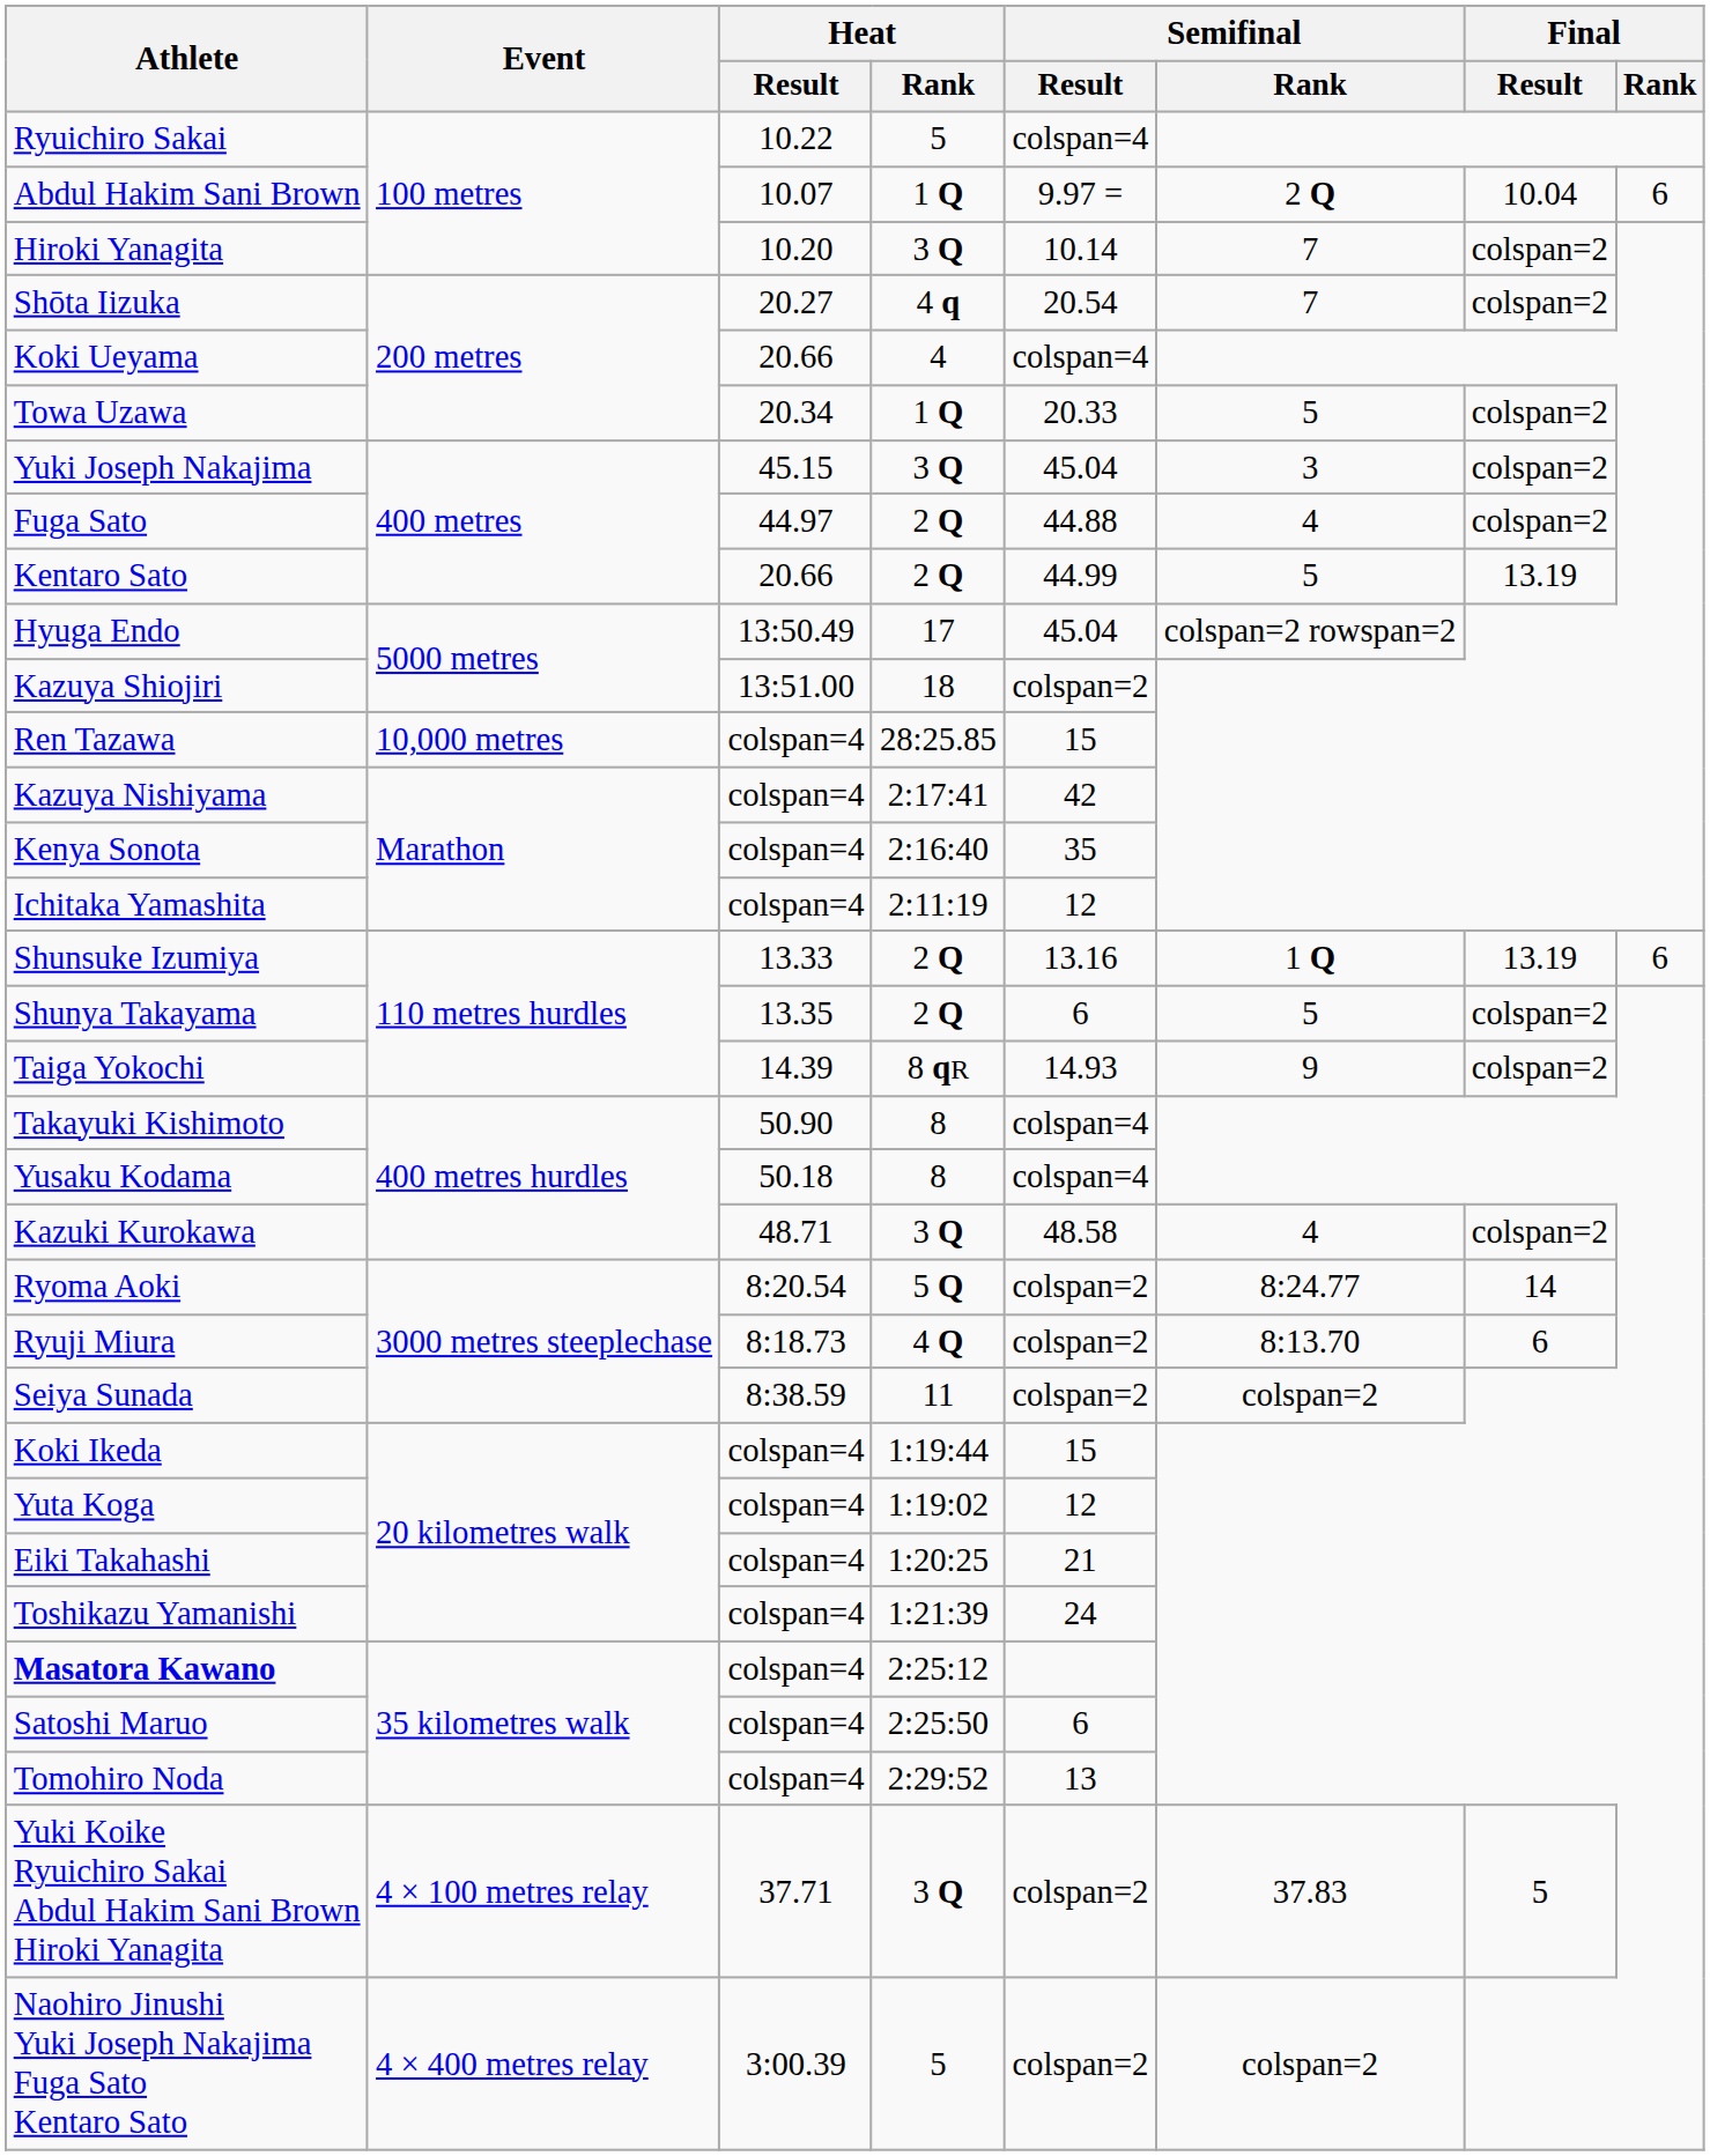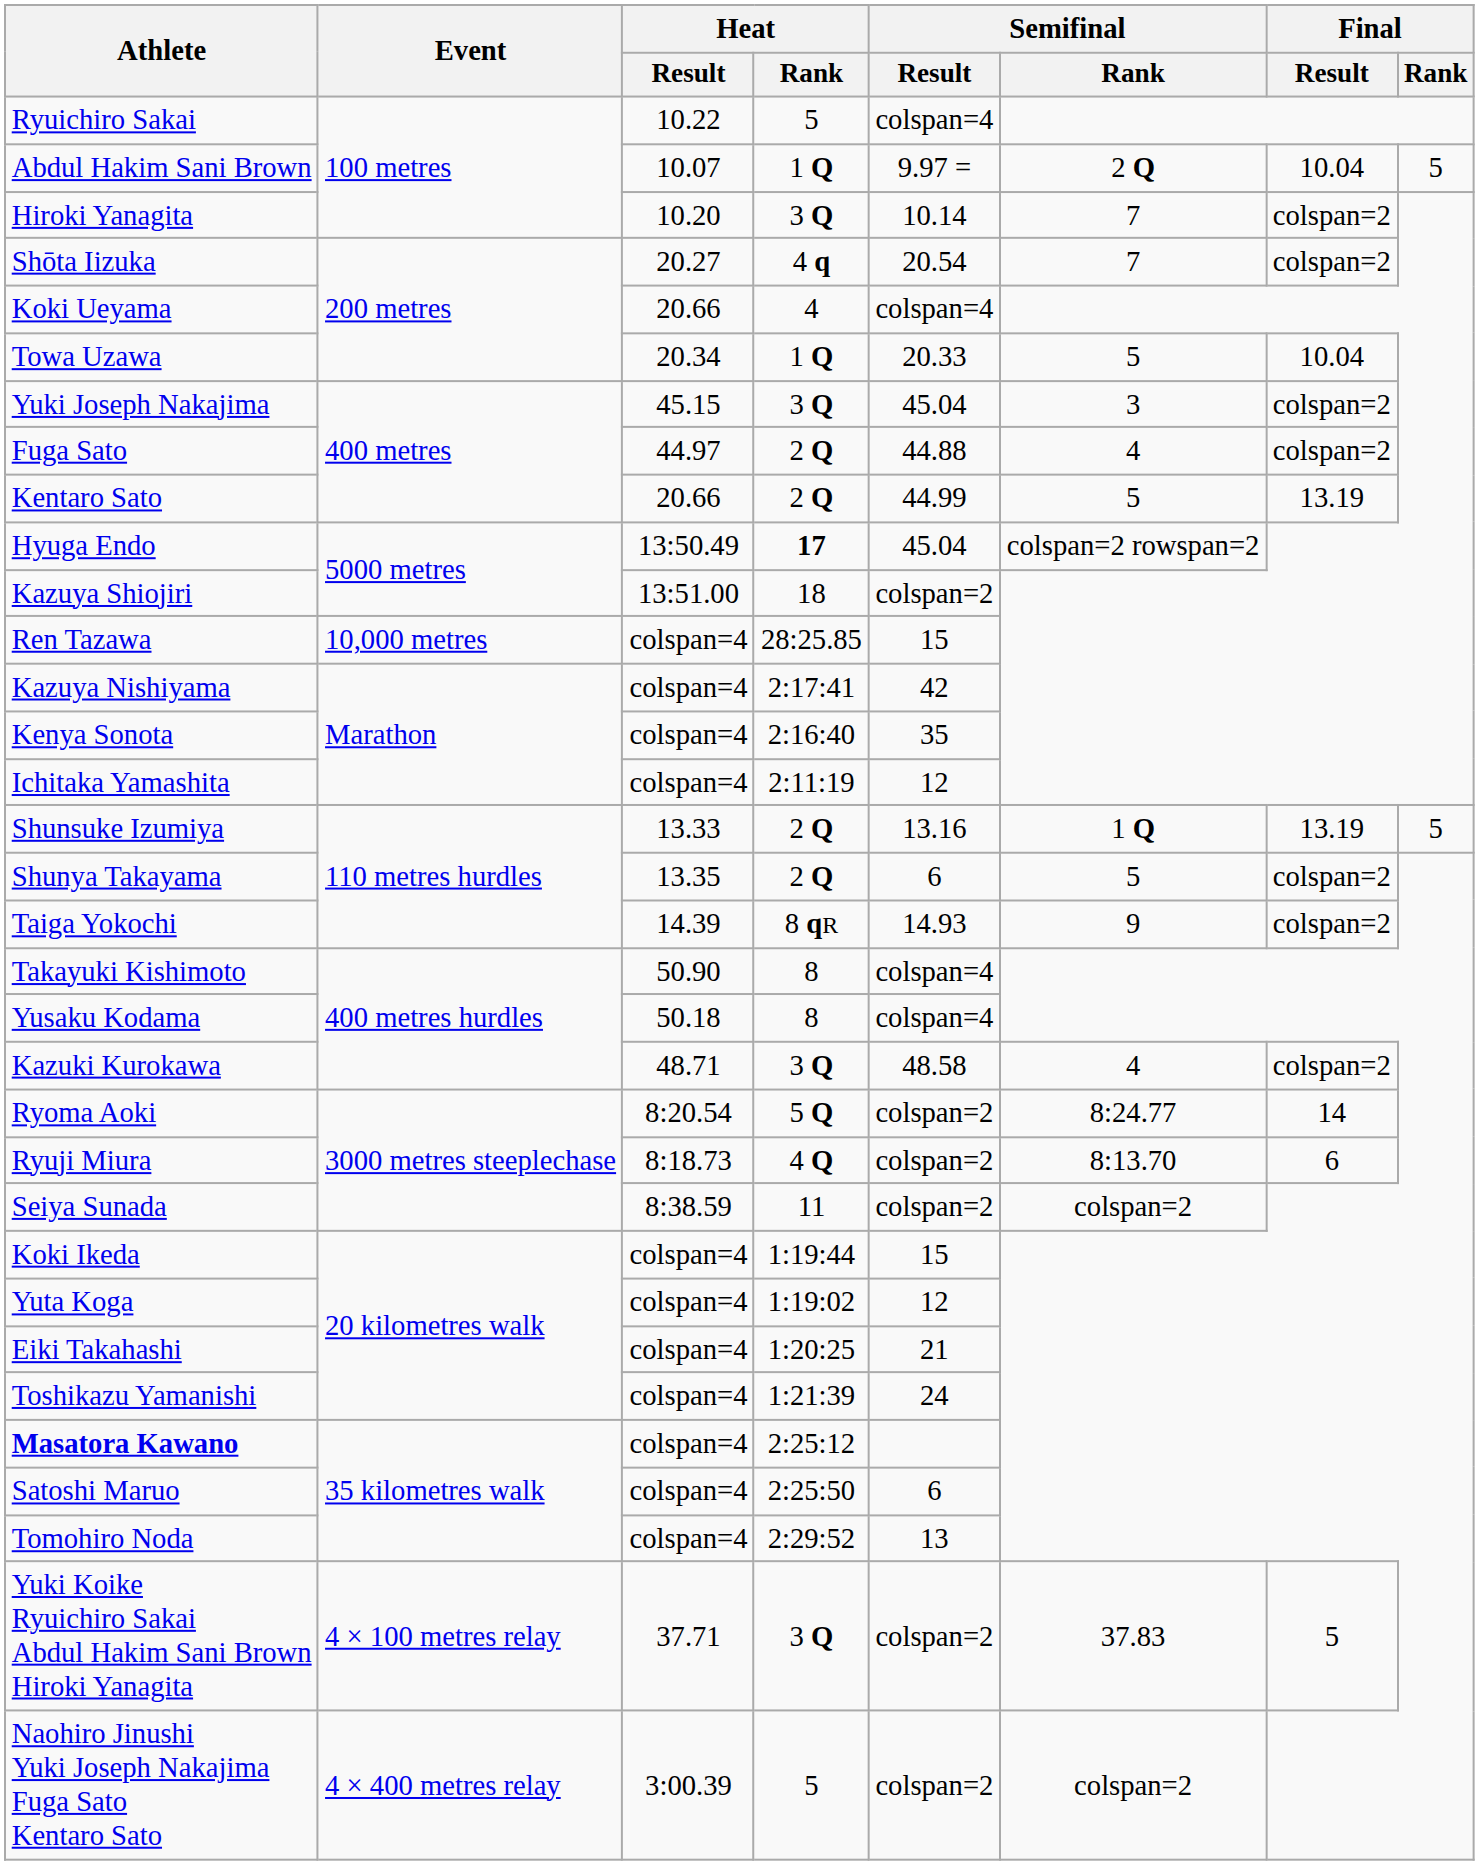 <table class="wikitable" style="font-size:90%">
 <tr>
 <th rowspan="2">Athlete</th>
 <th rowspan="2">Event</th>
 <th colspan="2">Heat</th>
 <th colspan="2">Semifinal</th>
 <th colspan="2">Final</th>
 </tr>
 <tr style="font-size:95%">
 <th>Result</th>
 <th>Rank</th>
 <th>Result</th>
 <th>Rank</th>
 <th>Result</th>
 <th>Rank</th>
 </tr>
 <tr align=center>
 <td align=left><a href='#'>Ryuichiro Sakai</a></td>
 <td align=left rowspan=3><a href='#'>100 metres</a></td>
 <td>10.22</td>
 <td>5</td>
 <td>colspan=4 </td>
 </tr>
 <tr align=center>
 <td align=left><a href='#'>Abdul Hakim Sani Brown</a></td>
 <td>10.07 </td>
 <td>1 <strong>Q</strong></td>
 <td>9.97 =</td>
 <td>2 <strong>Q</strong></td>
 <td>10.04</td>
-<td>6</td>
+<td>5</td>
 </tr>
 <tr align=center>
 <td align=left><a href='#'>Hiroki Yanagita</a></td>
 <td>10.20</td>
 <td>3 <strong>Q</strong></td>
 <td>10.14</td>
 <td>7</td>
 <td>colspan=2 </td>
 </tr>
 <tr align=center>
 <td align=left><a href='#'>Shōta Iizuka</a></td>
 <td align=left rowspan=3><a href='#'>200 metres</a></td>
 <td>20.27 </td>
 <td>4 <strong>q</strong></td>
 <td>20.54</td>
 <td>7</td>
 <td>colspan=2 </td>
 </tr>
 <tr align=center>
 <td align=left><a href='#'>Koki Ueyama</a></td>
 <td>20.66</td>
 <td>4</td>
 <td>colspan=4 </td>
 </tr>
 <tr align=center>
 <td align=left><a href='#'>Towa Uzawa</a></td>
 <td>20.34</td>
 <td>1 <strong>Q</strong></td>
 <td>20.33</td>
 <td>5</td>
-<td>colspan=2 </td>
+<td>10.04</td>
 </tr>
 <tr align=center>
 <td align=left><a href='#'>Yuki Joseph Nakajima</a></td>
 <td align=left rowspan=3><a href='#'>400 metres</a></td>
 <td>45.15</td>
 <td>3 <strong>Q</strong></td>
 <td>45.04</td>
 <td>3</td>
 <td>colspan=2 </td>
 </tr>
 <tr align=center>
 <td align=left><a href='#'>Fuga Sato</a></td>
 <td>44.97 </td>
 <td>2 <strong>Q</strong></td>
 <td>44.88 </td>
 <td>4</td>
 <td>colspan=2 </td>
 </tr>
 <tr align=center>
 <td align=left><a href='#'>Kentaro Sato</a></td>
 <td>20.66</td>
 <td>2 <strong>Q</strong></td>
 <td>44.99</td>
 <td>5</td>
 <td>13.19</td>
 </tr>
 <tr align=center>
 <td align=left><a href='#'>Hyuga Endo</a></td>
 <td align=left rowspan=2><a href='#'>5000 metres</a></td>
 <td>13:50.49</td>
-<td>17</td>
+<td><strong>17</strong></td>
 <td>45.04</td>
 <td>colspan=2 rowspan=2</td>
 </tr>
 <tr align=center>
 <td align=left><a href='#'>Kazuya Shiojiri</a></td>
 <td>13:51.00</td>
 <td>18</td>
 <td>colspan=2</td>
 </tr>
 <tr align=center>
 <td align=left><a href='#'>Ren Tazawa</a></td>
 <td align=left><a href='#'>10,000 metres</a></td>
 <td>colspan=4</td>
 <td>28:25.85</td>
 <td>15</td>
 </tr>
 <tr align=center>
 <td align=left><a href='#'>Kazuya Nishiyama</a></td>
 <td align=left rowspan=3><a href='#'>Marathon</a></td>
 <td>colspan=4</td>
 <td>2:17:41</td>
 <td>42</td>
 </tr>
 <tr align=center>
 <td align=left><a href='#'>Kenya Sonota</a></td>
 <td>colspan=4</td>
 <td>2:16:40</td>
 <td>35</td>
 </tr>
 <tr align=center>
 <td align=left><a href='#'>Ichitaka Yamashita</a></td>
 <td>colspan=4</td>
 <td>2:11:19</td>
 <td>12</td>
 </tr>
 <tr align=center>
 <td align=left><a href='#'>Shunsuke Izumiya</a></td>
 <td align=left rowspan=3><a href='#'>110 metres hurdles</a></td>
 <td>13.33</td>
 <td>2 <strong>Q</strong></td>
 <td>13.16</td>
 <td>1 <strong>Q</strong></td>
 <td>13.19</td>
-<td>6</td>
+<td>5</td>
 </tr>
 <tr align=center>
 <td align=left><a href='#'>Shunya Takayama</a></td>
 <td>13.35</td>
 <td>2 <strong>Q</strong></td>
 <td>6</td>
 <td>5</td>
 <td>colspan=2 </td>
 </tr>
 <tr align=center>
 <td align=left><a href='#'>Taiga Yokochi</a></td>
 <td>14.39</td>
 <td>8 <strong>q</strong><small>R</small></td>
 <td>14.93</td>
 <td>9</td>
 <td>colspan=2 </td>
 </tr>
 <tr align=center>
 <td align=left><a href='#'>Takayuki Kishimoto</a></td>
 <td align=left rowspan=3><a href='#'>400 metres hurdles</a></td>
 <td>50.90</td>
 <td>8</td>
 <td>colspan=4 </td>
 </tr>
 <tr align=center>
 <td align=left><a href='#'>Yusaku Kodama</a></td>
 <td>50.18</td>
 <td>8</td>
 <td>colspan=4 </td>
 </tr>
 <tr align=center>
 <td align=left><a href='#'>Kazuki Kurokawa</a></td>
 <td>48.71 </td>
 <td>3 <strong>Q</strong></td>
 <td>48.58 </td>
 <td>4</td>
 <td>colspan=2 </td>
 </tr>
 <tr align=center>
 <td align=left><a href='#'>Ryoma Aoki</a></td>
 <td align=left rowspan=3><a href='#'>3000 metres steeplechase</a></td>
 <td>8:20.54 </td>
 <td>5 <strong>Q</strong></td>
 <td>colspan=2</td>
 <td>8:24.77</td>
 <td>14</td>
 </tr>
 <tr align=center>
 <td align=left><a href='#'>Ryuji Miura</a></td>
 <td>8:18.73</td>
 <td>4 <strong>Q</strong></td>
 <td>colspan=2</td>
 <td>8:13.70</td>
 <td>6</td>
 </tr>
 <tr align=center>
 <td align=left><a href='#'>Seiya Sunada</a></td>
 <td>8:38.59</td>
 <td>11</td>
 <td>colspan=2</td>
 <td>colspan=2 </td>
 </tr>
 <tr align=center>
 <td align=left><a href='#'>Koki Ikeda</a></td>
 <td align=left rowspan=4><a href='#'>20 kilometres walk</a></td>
 <td>colspan=4</td>
 <td>1:19:44</td>
 <td>15</td>
 </tr>
 <tr align=center>
 <td align=left><a href='#'>Yuta Koga</a></td>
 <td>colspan=4</td>
 <td>1:19:02 </td>
 <td>12</td>
 </tr>
 <tr align=center>
 <td align=left><a href='#'>Eiki Takahashi</a></td>
 <td>colspan=4</td>
 <td>1:20:25</td>
 <td>21</td>
 </tr>
 <tr align=center>
 <td align=left><a href='#'>Toshikazu Yamanishi</a></td>
 <td>colspan=4</td>
 <td>1:21:39</td>
 <td>24</td>
 </tr>
 <tr align=center>
 <td align=left><strong><a href='#'>Masatora Kawano</a></strong></td>
 <td align=left rowspan=3><a href='#'>35 kilometres walk</a></td>
 <td>colspan=4</td>
 <td>2:25:12</td>
 <td></td>
 </tr>
 <tr align=center>
 <td align=left><a href='#'>Satoshi Maruo</a></td>
 <td>colspan=4</td>
 <td>2:25:50</td>
 <td>6</td>
 </tr>
 <tr align=center>
 <td align=left><a href='#'>Tomohiro Noda</a></td>
 <td>colspan=4</td>
 <td>2:29:52</td>
 <td>13</td>
 </tr>
 <tr align=center>
 <td align=left><a href='#'>Yuki Koike</a><br><a href='#'>Ryuichiro Sakai</a><br><a href='#'>Abdul Hakim Sani Brown</a><br><a href='#'>Hiroki Yanagita</a></td>
 <td align=left><a href='#'>4 × 100 metres relay</a></td>
 <td>37.71 </td>
 <td>3 <strong>Q</strong></td>
 <td>colspan=2</td>
 <td>37.83</td>
 <td>5</td>
 </tr>
 <tr align=center>
 <td align=left><a href='#'>Naohiro Jinushi</a><br><a href='#'>Yuki Joseph Nakajima</a><br><a href='#'>Fuga Sato</a><br><a href='#'>Kentaro Sato</a></td>
 <td align=left><a href='#'>4 × 400 metres relay</a></td>
 <td>3:00.39 </td>
 <td>5</td>
 <td>colspan=2</td>
 <td>colspan=2 </td>
 </tr>
 </table>
